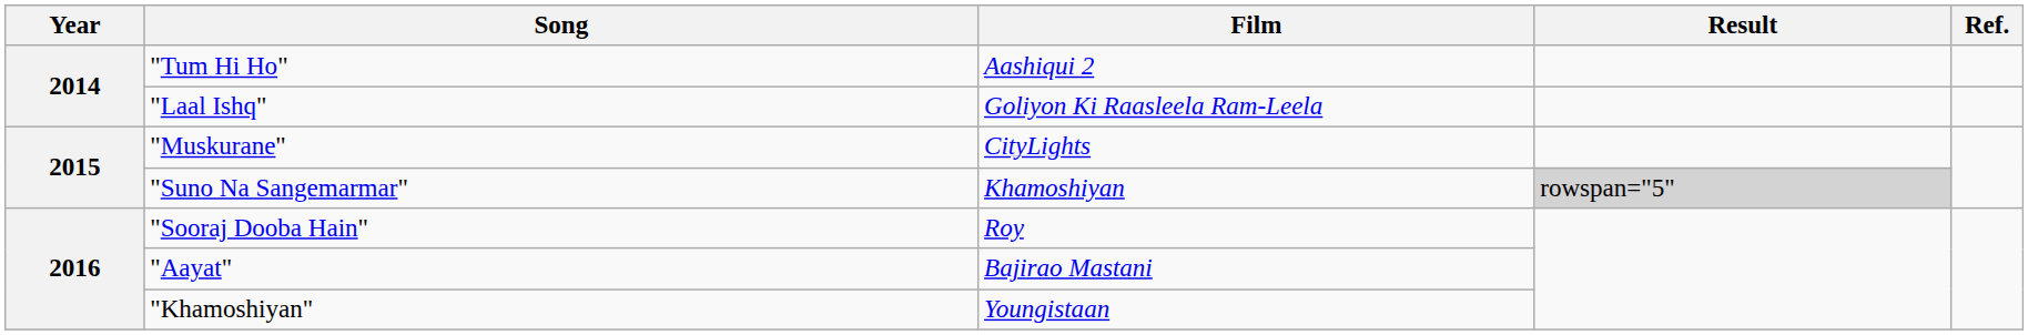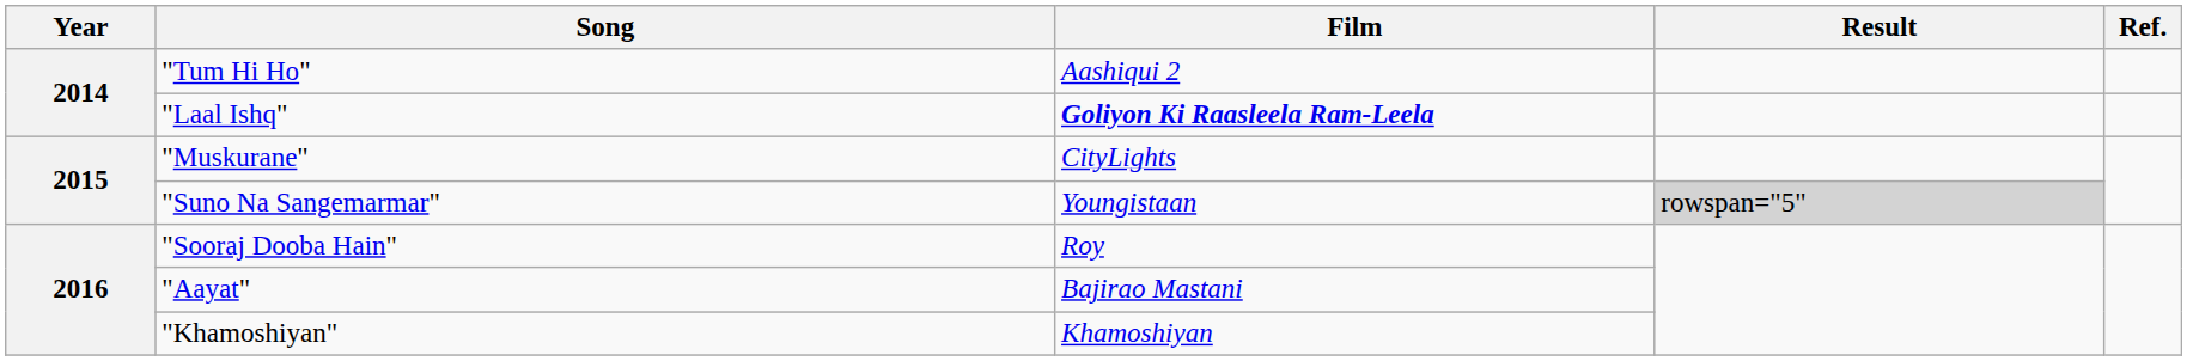 <table class="wikitable plainrowheaders" width="100%" "textcolor:#000;">
 <tr>
 <th scope="col" width=5%><strong>Year</strong></th>
 <th scope="col" width=30%><strong>Song</strong></th>
 <th scope="col" width=20%><strong>Film</strong></th>
 <th scope="col" width=15%><strong>Result</strong></th>
 <th scope="col" width=2%><strong>Ref.</strong></th>
 </tr>
 <tr>
 <th scope="row" rowspan="2">2014</th>
 <td>"<a href='#'>Tum Hi Ho</a>"</td>
 <td><em><a href='#'>Aashiqui 2</a></em></td>
 <td></td>
 <td></td>
 </tr>
 <tr>
 <td>"<a href='#'>Laal Ishq</a>"</td>
-<td><em><a href='#'>Goliyon Ki Raasleela Ram-Leela</a></em></td>
+<td><strong><em><a href='#'>Goliyon Ki Raasleela Ram-Leela</a></em></strong></td>
 <td></td>
 <td></td>
 </tr>
 <tr>
 <th scope="row" rowspan="2">2015</th>
 <td>"<a href='#'>Muskurane</a>"</td>
 <td><em><a href='#'>CityLights</a></em></td>
 <td></td>
 <td rowspan="2"></td>
 </tr>
 <tr>
 <td>"<a href='#'>Suno Na Sangemarmar</a>"</td>
-<td><em><a href='#'>Khamoshiyan</a></em></td>
+<td><em><a href='#'>Youngistaan</a></em></td>
 <td style="background: lightgrey;">rowspan="5" </td>
 </tr>
 <tr>
 <th scope="row" rowspan="3">2016</th>
 <td>"<a href='#'>Sooraj Dooba Hain</a>"</td>
 <td><em><a href='#'>Roy</a></em></td>
 <td rowspan="3"></td>
 </tr>
 <tr>
 <td>"<a href='#'>Aayat</a>"</td>
 <td><em><a href='#'>Bajirao Mastani</a></em></td>
 </tr>
 <tr>
 <td>"Khamoshiyan"</td>
-<td><em><a href='#'>Youngistaan</a></em></td>
+<td><em><a href='#'>Khamoshiyan</a></em></td>
 </tr>
 </table>
